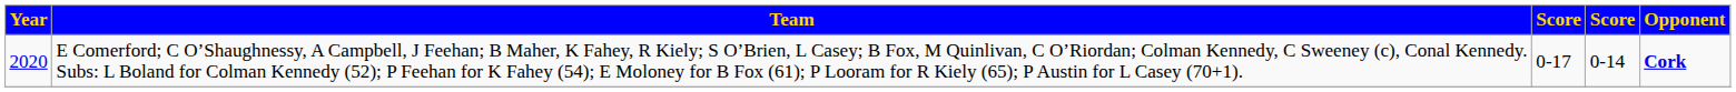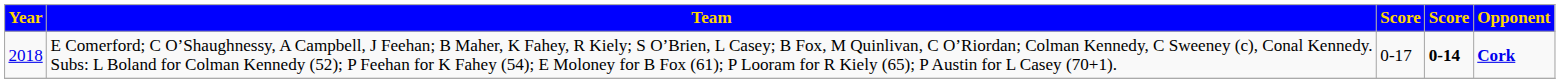 <table class="wikitable">
 <tr style="text-align:center;background:blue;color:gold;">
 <td><strong>Year</strong></td>
 <td><strong>Team</strong></td>
 <td><strong>Score</strong></td>
 <td><strong>Score</strong></td>
 <td><strong>Opponent</strong></td>
 </tr>
 <tr>
-<td><a href='#'>2020</a></td>
+<td><a href='#'>2018</a></td>
 <td>E Comerford; C O’Shaughnessy, A Campbell, J Feehan; B Maher, K Fahey, R Kiely; S O’Brien, L Casey; B Fox, M Quinlivan, C O’Riordan; Colman Kennedy, C Sweeney (c), Conal Kennedy.<br>Subs: L Boland for Colman Kennedy (52); P Feehan for K Fahey (54); E Moloney for B Fox (61); P Looram for R Kiely (65); P Austin for L Casey (70+1).</td>
 <td>0-17</td>
-<td>0-14</td>
+<td><strong>0-14</strong></td>
 <td><strong><a href='#'>Cork</a></strong></td>
 </tr>
 <tr>
 </tr>
 </table>
